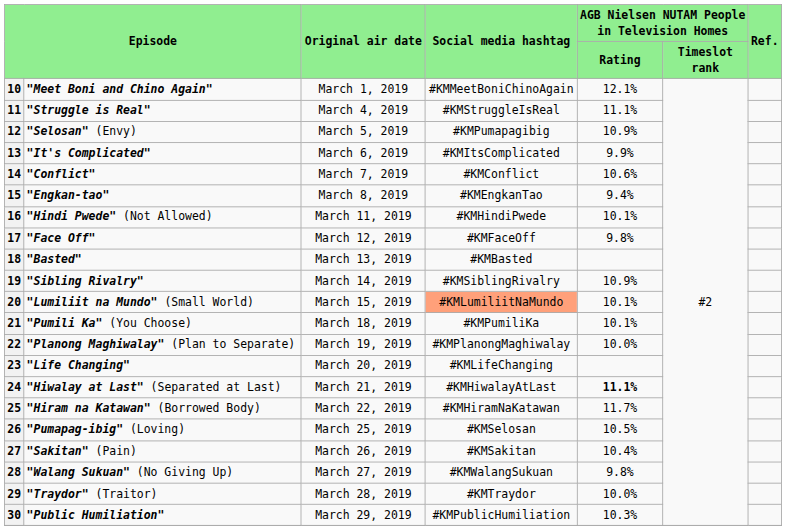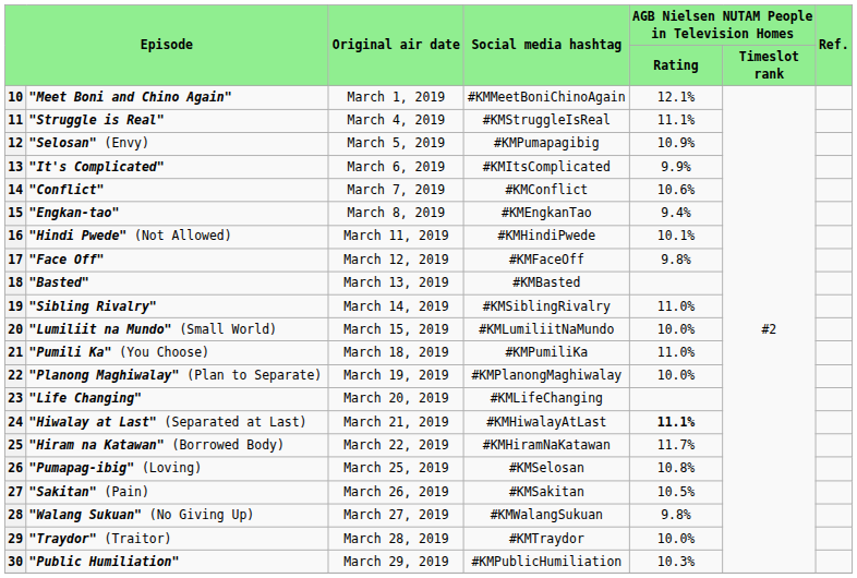 <table class="wikitable" style="text-align:center; font-size:100%; line-height:18px; width:100%">
 <tr>
 <th style="background-color:#90EE90; color:#000000;" colspan="2" rowspan="2">Episode</th>
 <th style="background-color:#90EE90; color:black" rowspan="2">Original air date</th>
 <th style="background-color:#90EE90; color:black" rowspan="2">Social media hashtag</th>
 <th style="background-color:#90EE90; color:#000000;" colspan="2">AGB Nielsen NUTAM People in Television Homes</th>
 <th style="background-color:#90EE90;  color:#000000;" rowspan="2">Ref.</th>
 </tr>
 <tr>
 <th style="background-color:#90EE90; width:75px; color:#000000;">Rating</th>
 <th style="background-color:#90EE90;  width:75px; color:#000000;">Timeslot<br>rank</th>
 </tr>
 <tr>
 <th>10</th>
 <td style="text-align: left;"><strong><em>"Meet Boni and Chino Again"</em></strong></td>
 <td>March 1, 2019</td>
 <td>#KMMeetBoniChinoAgain</td>
 <td>12.1%</td>
 <td rowspan="21">#2</td>
 <td></td>
 </tr>
 <tr>
 <th>11</th>
 <td style="text-align: left;"><strong><em>"Struggle is Real"</em></strong></td>
 <td>March 4, 2019</td>
 <td>#KMStruggleIsReal</td>
 <td>11.1%</td>
 <td></td>
 </tr>
 <tr>
 <th>12</th>
 <td style="text-align: left;"><strong><em>"Selosan"</em></strong> (Envy)</td>
 <td>March 5, 2019</td>
 <td>#KMPumapagibig</td>
 <td>10.9%</td>
 <td></td>
 </tr>
 <tr>
 <th>13</th>
 <td style="text-align: left;"><strong><em>"It's Complicated"</em></strong></td>
 <td>March 6, 2019</td>
 <td>#KMItsComplicated</td>
 <td>9.9%</td>
 <td></td>
 </tr>
 <tr>
 <th>14</th>
 <td style="text-align: left;"><strong><em>"Conflict"</em></strong></td>
 <td>March 7, 2019</td>
 <td>#KMConflict</td>
 <td>10.6%</td>
 <td></td>
 </tr>
 <tr>
 <th>15</th>
 <td style="text-align: left;"><strong><em>"Engkan-tao"</em></strong></td>
 <td>March 8, 2019</td>
 <td>#KMEngkanTao</td>
 <td>9.4%</td>
 <td></td>
 </tr>
 <tr>
 <th>16</th>
 <td style="text-align: left;"><strong><em>"Hindi Pwede"</em></strong> (Not Allowed)</td>
 <td>March 11, 2019</td>
 <td>#KMHindiPwede</td>
 <td>10.1%</td>
 <td></td>
 </tr>
 <tr>
 <th>17</th>
 <td style="text-align: left;"><strong><em>"Face Off"</em></strong></td>
 <td>March 12, 2019</td>
 <td>#KMFaceOff</td>
 <td>9.8%</td>
 <td></td>
 </tr>
 <tr>
 <th>18</th>
 <td style="text-align: left;"><strong><em>"Basted"</em></strong></td>
 <td>March 13, 2019</td>
 <td>#KMBasted</td>
 <td></td>
 <td></td>
 </tr>
 <tr>
 <th>19</th>
 <td style="text-align: left;"><strong><em>"Sibling Rivalry"</em></strong></td>
 <td>March 14, 2019</td>
 <td>#KMSiblingRivalry</td>
-<td>10.9%</td>
+<td>11.0%</td>
 <td></td>
 </tr>
 <tr>
 <th>20</th>
 <td style="text-align: left;"><strong><em>"Lumiliit na Mundo"</em></strong> (Small World)</td>
 <td>March 15, 2019</td>
-<td style="background: lightsalmon;">#KMLumiliitNaMundo</td>
-<td>10.1%</td>
+<td>#KMLumiliitNaMundo</td>
+<td>10.0%</td>
 <td></td>
 </tr>
 <tr>
 <th>21</th>
 <td style="text-align: left;"><strong><em>"Pumili Ka"</em></strong> (You Choose)</td>
 <td>March 18, 2019</td>
 <td>#KMPumiliKa</td>
-<td>10.1%</td>
+<td>11.0%</td>
 <td></td>
 </tr>
 <tr>
 <th>22</th>
 <td style="text-align: left;"><strong><em>"Planong Maghiwalay"</em></strong> (Plan to Separate)</td>
 <td>March 19, 2019</td>
 <td>#KMPlanongMaghiwalay</td>
 <td>10.0%</td>
 <td></td>
 </tr>
 <tr>
 <th>23</th>
 <td style="text-align: left;"><strong><em>"Life Changing"</em></strong></td>
 <td>March 20, 2019</td>
 <td>#KMLifeChanging</td>
 <td></td>
 <td></td>
 </tr>
 <tr>
 <th>24</th>
 <td style="text-align: left;"><strong><em>"Hiwalay at Last"</em></strong> (Separated at Last)</td>
 <td>March 21, 2019</td>
 <td>#KMHiwalayAtLast</td>
 <td><strong>11.1%</strong></td>
 <td></td>
 </tr>
 <tr>
 <th>25</th>
 <td style="text-align: left;"><strong><em>"Hiram na Katawan"</em></strong> (Borrowed Body)</td>
 <td>March 22, 2019</td>
 <td>#KMHiramNaKatawan</td>
 <td>11.7%</td>
 <td></td>
 </tr>
 <tr>
 <th>26</th>
 <td style="text-align: left;"><strong><em>"Pumapag-ibig"</em></strong> (Loving)</td>
 <td>March 25, 2019</td>
 <td>#KMSelosan</td>
-<td>10.5%</td>
+<td>10.8%</td>
 <td></td>
 </tr>
 <tr>
 <th>27</th>
 <td style="text-align: left;"><strong><em>"Sakitan"</em></strong> (Pain)</td>
 <td>March 26, 2019</td>
 <td>#KMSakitan</td>
-<td>10.4%</td>
+<td>10.5%</td>
 <td></td>
 </tr>
 <tr>
 <th>28</th>
 <td style="text-align: left;"><strong><em>"Walang Sukuan"</em></strong> (No Giving Up)</td>
 <td>March 27, 2019</td>
 <td>#KMWalangSukuan</td>
 <td>9.8%</td>
 <td></td>
 </tr>
 <tr>
 <th>29</th>
 <td style="text-align: left;"><strong><em>"Traydor"</em></strong> (Traitor)</td>
 <td>March 28, 2019</td>
 <td>#KMTraydor</td>
 <td>10.0%</td>
 <td></td>
 </tr>
 <tr>
 <th>30</th>
 <td style="text-align: left;"><strong><em>"Public Humiliation"</em></strong></td>
 <td>March 29, 2019</td>
 <td>#KMPublicHumiliation</td>
 <td>10.3%</td>
 <td></td>
 </tr>
 <tr>
 </tr>
 </table>
